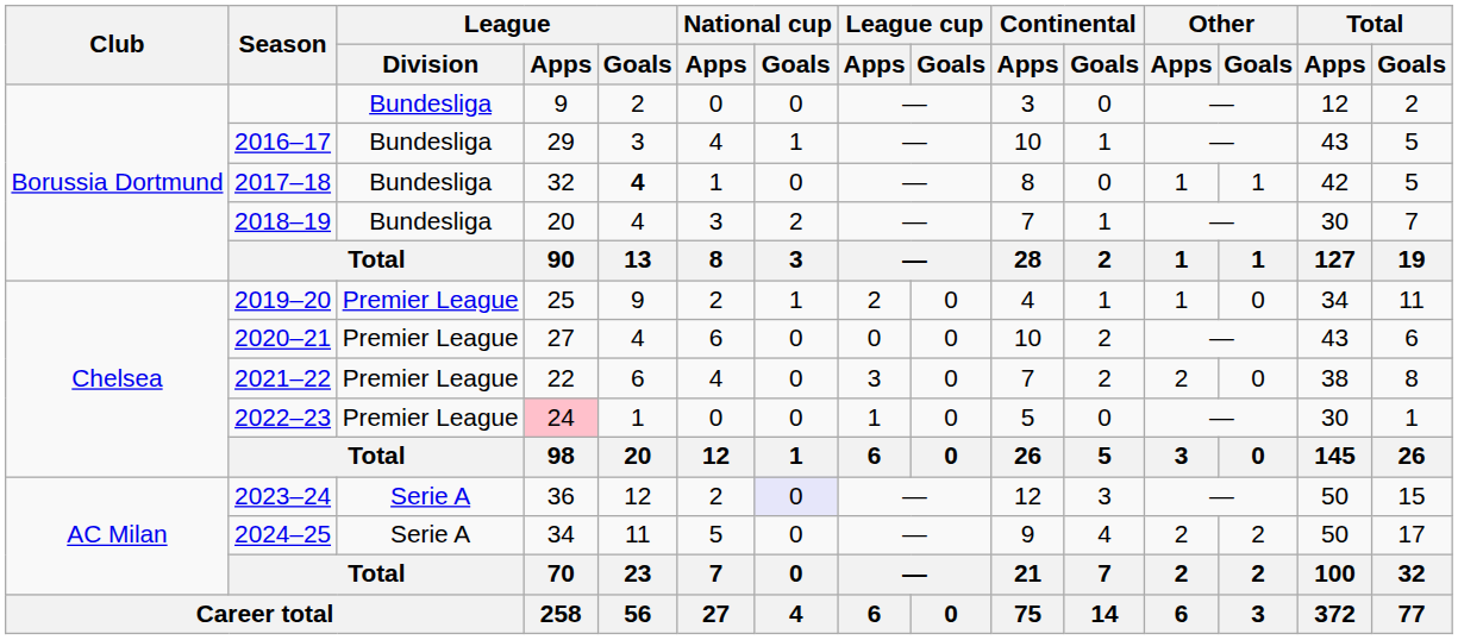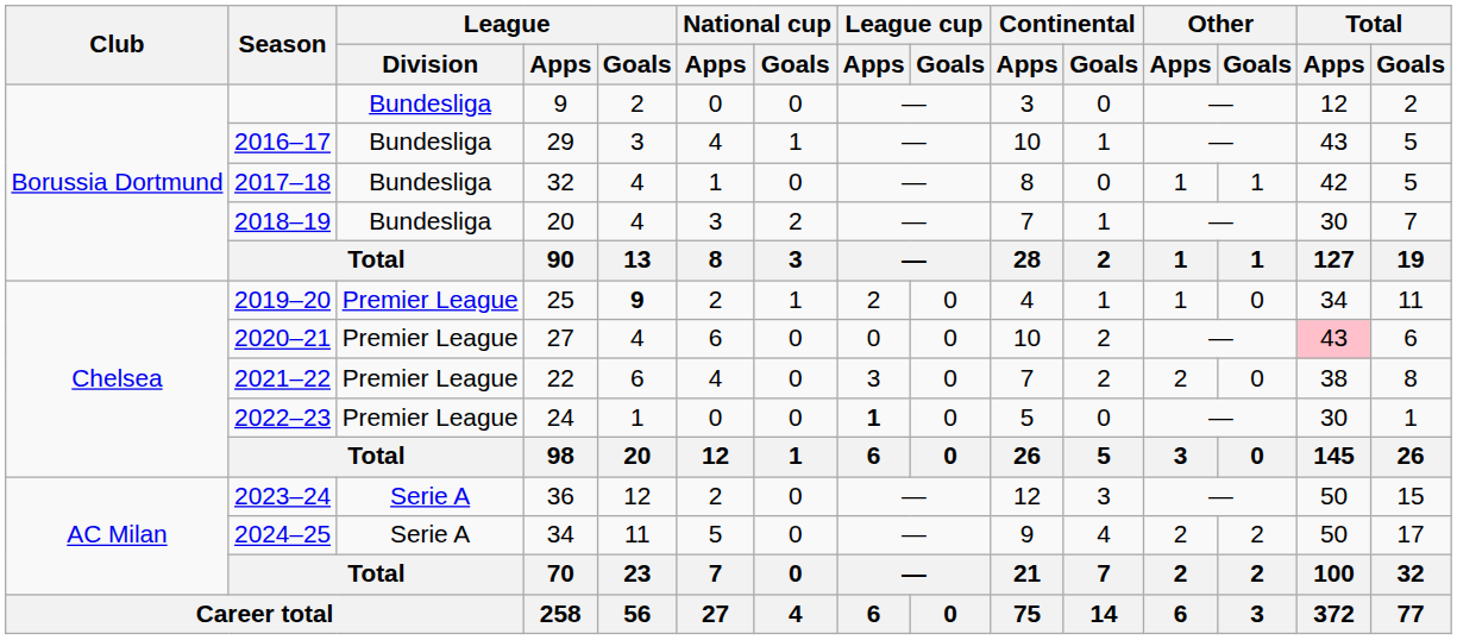 <table class="wikitable" style="text-align: center;">
 <tr>
 <th rowspan="2">Club</th>
 <th rowspan="2">Season</th>
 <th colspan="3">League</th>
 <th colspan="2">National cup</th>
 <th colspan="2">League cup</th>
 <th colspan="2">Continental</th>
 <th colspan="2">Other</th>
 <th colspan="2">Total</th>
 </tr>
 <tr>
 <th>Division</th>
 <th>Apps</th>
 <th>Goals</th>
 <th>Apps</th>
 <th>Goals</th>
 <th>Apps</th>
 <th>Goals</th>
 <th>Apps</th>
 <th>Goals</th>
 <th>Apps</th>
 <th>Goals</th>
 <th>Apps</th>
 <th>Goals</th>
 </tr>
 <tr>
 <td rowspan="5"><a href='#'>Borussia Dortmund</a></td>
 <td></td>
 <td><a href='#'>Bundesliga</a></td>
 <td>9</td>
 <td>2</td>
 <td>0</td>
 <td>0</td>
 <td colspan="2">—</td>
 <td>3</td>
 <td>0</td>
 <td colspan="2">—</td>
 <td>12</td>
 <td>2</td>
 </tr>
 <tr>
 <td><a href='#'>2016–17</a></td>
 <td>Bundesliga</td>
 <td>29</td>
 <td>3</td>
 <td>4</td>
 <td>1</td>
 <td colspan="2">—</td>
 <td>10</td>
 <td>1</td>
 <td colspan="2">—</td>
 <td>43</td>
 <td>5</td>
 </tr>
 <tr>
 <td><a href='#'>2017–18</a></td>
 <td>Bundesliga</td>
 <td>32</td>
-<td><strong>4</strong></td>
+<td>4</td>
 <td>1</td>
 <td>0</td>
 <td colspan="2">—</td>
 <td>8</td>
 <td>0</td>
 <td>1</td>
 <td>1</td>
 <td>42</td>
 <td>5</td>
 </tr>
 <tr>
 <td><a href='#'>2018–19</a></td>
 <td>Bundesliga</td>
 <td>20</td>
 <td>4</td>
 <td>3</td>
 <td>2</td>
 <td colspan="2">—</td>
 <td>7</td>
 <td>1</td>
 <td colspan="2">—</td>
 <td>30</td>
 <td>7</td>
 </tr>
 <tr>
 <th colspan="2">Total</th>
 <th>90</th>
 <th>13</th>
 <th>8</th>
 <th>3</th>
 <th colspan="2">—</th>
 <th>28</th>
 <th>2</th>
 <th>1</th>
 <th>1</th>
 <th>127</th>
 <th>19</th>
 </tr>
 <tr>
 <td rowspan="5"><a href='#'>Chelsea</a></td>
 <td><a href='#'>2019–20</a></td>
 <td><a href='#'>Premier League</a></td>
 <td>25</td>
-<td>9</td>
+<td><strong>9</strong></td>
 <td>2</td>
 <td>1</td>
 <td>2</td>
 <td>0</td>
 <td>4</td>
 <td>1</td>
 <td>1</td>
 <td>0</td>
 <td>34</td>
 <td>11</td>
 </tr>
 <tr>
 <td><a href='#'>2020–21</a></td>
 <td>Premier League</td>
 <td>27</td>
 <td>4</td>
 <td>6</td>
 <td>0</td>
 <td>0</td>
 <td>0</td>
 <td>10</td>
 <td>2</td>
 <td colspan="2">—</td>
-<td>43</td>
+<td style="background: pink;">43</td>
 <td>6</td>
 </tr>
 <tr>
 <td><a href='#'>2021–22</a></td>
 <td>Premier League</td>
 <td>22</td>
 <td>6</td>
 <td>4</td>
 <td>0</td>
 <td>3</td>
 <td>0</td>
 <td>7</td>
 <td>2</td>
 <td>2</td>
 <td>0</td>
 <td>38</td>
 <td>8</td>
 </tr>
 <tr>
 <td><a href='#'>2022–23</a></td>
 <td>Premier League</td>
-<td style="background: pink;">24</td>
+<td>24</td>
 <td>1</td>
 <td>0</td>
 <td>0</td>
-<td>1</td>
+<td><strong>1</strong></td>
 <td>0</td>
 <td>5</td>
 <td>0</td>
 <td colspan="2">—</td>
 <td>30</td>
 <td>1</td>
 </tr>
 <tr>
 <th colspan="2">Total</th>
 <th>98</th>
 <th>20</th>
 <th>12</th>
 <th>1</th>
 <th>6</th>
 <th>0</th>
 <th>26</th>
 <th>5</th>
 <th>3</th>
 <th>0</th>
 <th>145</th>
 <th>26</th>
 </tr>
 <tr>
 <td rowspan="3"><a href='#'>AC Milan</a></td>
 <td><a href='#'>2023–24</a></td>
 <td><a href='#'>Serie A</a></td>
 <td>36</td>
 <td>12</td>
 <td>2</td>
-<td style="background: lavender;">0</td>
+<td>0</td>
 <td colspan="2">—</td>
 <td>12</td>
 <td>3</td>
 <td colspan="2">—</td>
 <td>50</td>
 <td>15</td>
 </tr>
 <tr>
 <td><a href='#'>2024–25</a></td>
 <td>Serie A</td>
 <td>34</td>
 <td>11</td>
 <td>5</td>
 <td>0</td>
 <td colspan="2">—</td>
 <td>9</td>
 <td>4</td>
 <td>2</td>
 <td>2</td>
 <td>50</td>
 <td>17</td>
 </tr>
 <tr>
 <th colspan="2">Total</th>
 <th>70</th>
 <th>23</th>
 <th>7</th>
 <th>0</th>
 <th colspan="2">—</th>
 <th>21</th>
 <th>7</th>
 <th>2</th>
 <th>2</th>
 <th>100</th>
 <th>32</th>
 </tr>
 <tr>
 <th colspan="3">Career total</th>
 <th>258</th>
 <th>56</th>
 <th>27</th>
 <th>4</th>
 <th>6</th>
 <th>0</th>
 <th>75</th>
 <th>14</th>
 <th>6</th>
 <th>3</th>
 <th>372</th>
 <th>77</th>
 </tr>
 </table>
